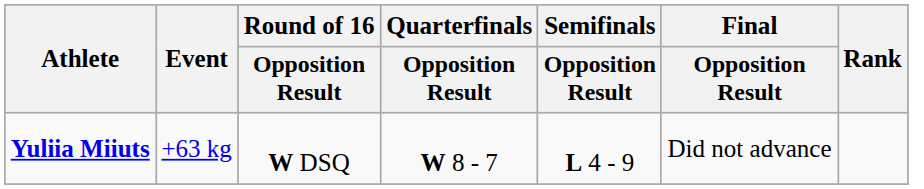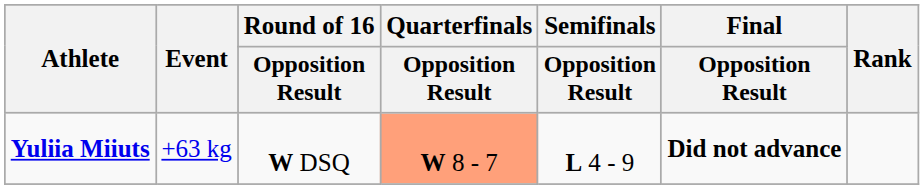 <table class="wikitable" style="font-size:90%;">
 <tr>
 <th rowspan=2>Athlete</th>
 <th rowspan=2>Event</th>
 <th>Round of 16</th>
 <th>Quarterfinals</th>
 <th>Semifinals</th>
 <th>Final</th>
 <th rowspan=2>Rank</th>
 </tr>
 <tr style="font-size:95%">
 <th>Opposition<br>Result</th>
 <th>Opposition<br>Result</th>
 <th>Opposition<br>Result</th>
 <th>Opposition<br>Result</th>
 </tr>
 <tr align=center>
 <td align=left><strong><a href='#'>Yuliia Miiuts</a></strong></td>
 <td align=left><a href='#'>+63 kg</a></td>
 <td><br><strong>W</strong> DSQ</td>
-<td><br><strong>W</strong> 8 - 7</td>
+<td style="background: lightsalmon;"><br><strong>W</strong> 8 - 7</td>
 <td><br><strong>L</strong> 4 - 9</td>
-<td>Did not advance</td>
+<td><strong>Did not advance</strong></td>
 <td></td>
 </tr>
 </table>
